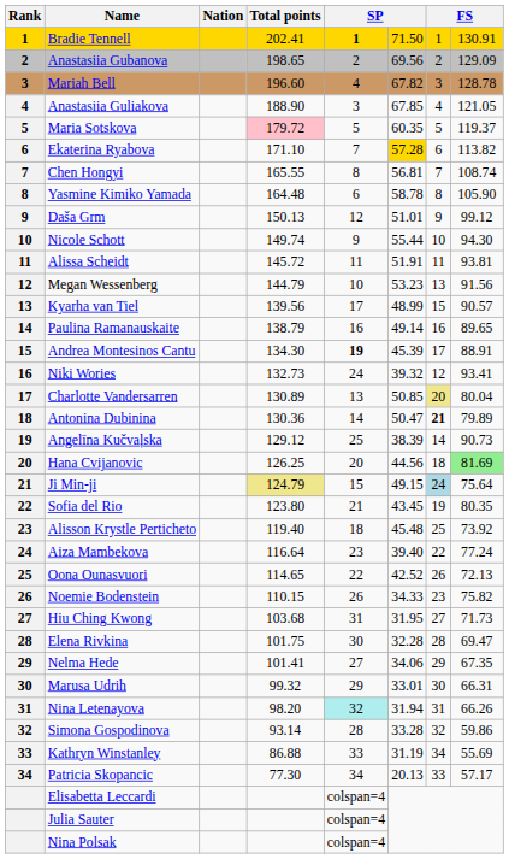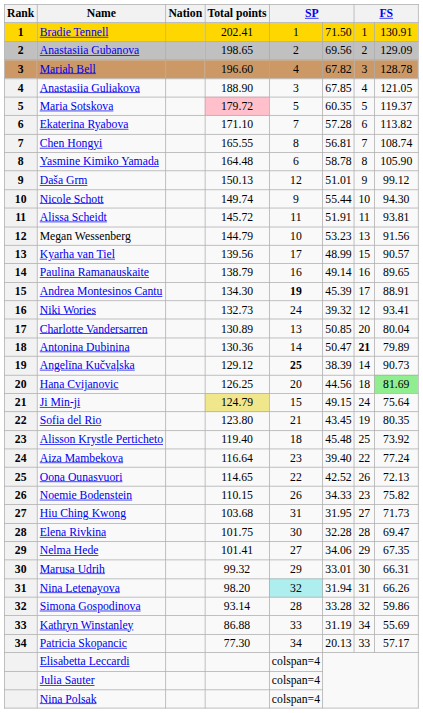 <table class="wikitable sortable">
 <tr>
 <th>Rank</th>
 <th>Name</th>
 <th>Nation</th>
 <th>Total points</th>
 <th colspan="2" width="80px"><a href='#'>SP</a></th>
 <th colspan="2" width="80px"><a href='#'>FS</a></th>
 </tr>
 <tr bgcolor="gold">
 <td align="center"><strong>1</strong></td>
 <td><a href='#'>Bradie Tennell</a></td>
 <td></td>
 <td align="center">202.41</td>
-<td align="center"><strong>1</strong></td>
+<td align="center">1</td>
 <td align="center">71.50</td>
 <td align="center">1</td>
 <td align="center">130.91</td>
 </tr>
 <tr bgcolor="silver">
 <td align="center"><strong>2</strong></td>
 <td><a href='#'>Anastasiia Gubanova</a></td>
 <td></td>
 <td align="center">198.65</td>
 <td align="center">2</td>
 <td align="center">69.56</td>
 <td align="center">2</td>
 <td align="center">129.09</td>
 </tr>
 <tr bgcolor="cc9966">
 <td align="center"><strong>3</strong></td>
 <td><a href='#'>Mariah Bell</a></td>
 <td></td>
 <td align="center">196.60</td>
 <td align="center">4</td>
 <td align="center">67.82</td>
 <td align="center">3</td>
 <td align="center">128.78</td>
 </tr>
 <tr>
 <th>4</th>
 <td><a href='#'>Anastasiia Guliakova</a></td>
 <td></td>
 <td align="center">188.90</td>
 <td align="center">3</td>
 <td align="center">67.85</td>
 <td align="center">4</td>
 <td align="center">121.05</td>
 </tr>
 <tr>
 <th>5</th>
 <td><a href='#'>Maria Sotskova</a></td>
 <td></td>
 <td align="center" style="background: pink;">179.72</td>
 <td align="center">5</td>
 <td align="center">60.35</td>
 <td align="center">5</td>
 <td align="center">119.37</td>
 </tr>
 <tr>
 <th>6</th>
 <td><a href='#'>Ekaterina Ryabova</a></td>
 <td></td>
 <td align="center">171.10</td>
 <td align="center">7</td>
-<td align="center" style="background: gold;">57.28</td>
+<td align="center">57.28</td>
 <td align="center">6</td>
 <td align="center">113.82</td>
 </tr>
 <tr>
 <th>7</th>
 <td><a href='#'>Chen Hongyi</a></td>
 <td></td>
 <td align="center">165.55</td>
 <td align="center">8</td>
 <td align="center">56.81</td>
 <td align="center">7</td>
 <td align="center">108.74</td>
 </tr>
 <tr>
 <th>8</th>
 <td><a href='#'>Yasmine Kimiko Yamada</a></td>
 <td></td>
 <td align="center">164.48</td>
 <td align="center">6</td>
 <td align="center">58.78</td>
 <td align="center">8</td>
 <td align="center">105.90</td>
 </tr>
 <tr>
 <th>9</th>
 <td><a href='#'>Daša Grm</a></td>
 <td></td>
 <td align="center">150.13</td>
 <td align="center">12</td>
 <td align="center">51.01</td>
 <td align="center">9</td>
 <td align="center">99.12</td>
 </tr>
 <tr>
 <th>10</th>
 <td><a href='#'>Nicole Schott</a></td>
 <td></td>
 <td align="center">149.74</td>
 <td align="center">9</td>
 <td align="center">55.44</td>
 <td align="center">10</td>
 <td align="center">94.30</td>
 </tr>
 <tr>
 <th>11</th>
 <td><a href='#'>Alissa Scheidt</a></td>
 <td></td>
 <td align="center">145.72</td>
 <td align="center">11</td>
 <td align="center">51.91</td>
 <td align="center">11</td>
 <td align="center">93.81</td>
 </tr>
 <tr>
 <th>12</th>
 <td>Megan Wessenberg</td>
 <td></td>
 <td align="center">144.79</td>
 <td align="center">10</td>
 <td align="center">53.23</td>
 <td align="center">13</td>
 <td align="center">91.56</td>
 </tr>
 <tr>
 <th>13</th>
 <td><a href='#'>Kyarha van Tiel</a></td>
 <td></td>
 <td align="center">139.56</td>
 <td align="center">17</td>
 <td align="center">48.99</td>
 <td align="center">15</td>
 <td align="center">90.57</td>
 </tr>
 <tr>
 <th>14</th>
 <td><a href='#'>Paulina Ramanauskaite</a></td>
 <td></td>
 <td align="center">138.79</td>
 <td align="center">16</td>
 <td align="center">49.14</td>
 <td align="center">16</td>
 <td align="center">89.65</td>
 </tr>
 <tr>
 <th>15</th>
 <td><a href='#'>Andrea Montesinos Cantu</a></td>
 <td></td>
 <td align="center">134.30</td>
 <td align="center"><strong>19</strong></td>
 <td align="center">45.39</td>
 <td align="center">17</td>
 <td align="center">88.91</td>
 </tr>
 <tr>
 <th>16</th>
 <td><a href='#'>Niki Wories</a></td>
 <td></td>
 <td align="center">132.73</td>
 <td align="center">24</td>
 <td align="center">39.32</td>
 <td align="center">12</td>
 <td align="center">93.41</td>
 </tr>
 <tr>
 <th>17</th>
 <td><a href='#'>Charlotte Vandersarren</a></td>
 <td></td>
 <td align="center">130.89</td>
 <td align="center">13</td>
 <td align="center">50.85</td>
-<td align="center" style="background: khaki;">20</td>
+<td align="center">20</td>
 <td align="center">80.04</td>
 </tr>
 <tr>
 <th>18</th>
 <td><a href='#'>Antonina Dubinina</a></td>
 <td></td>
 <td align="center">130.36</td>
 <td align="center">14</td>
 <td align="center">50.47</td>
 <td align="center"><strong>21</strong></td>
 <td align="center">79.89</td>
 </tr>
 <tr>
 <th>19</th>
 <td><a href='#'>Angelīna Kučvaļska</a></td>
 <td></td>
 <td align="center">129.12</td>
-<td align="center">25</td>
+<td align="center"><strong>25</strong></td>
 <td align="center">38.39</td>
 <td align="center">14</td>
 <td align="center">90.73</td>
 </tr>
 <tr>
 <th>20</th>
 <td><a href='#'>Hana Cvijanovic</a></td>
 <td></td>
 <td align="center">126.25</td>
 <td align="center">20</td>
 <td align="center">44.56</td>
 <td align="center">18</td>
 <td align="center" style="background: lightgreen;">81.69</td>
 </tr>
 <tr>
 <th>21</th>
 <td><a href='#'>Ji Min-ji</a></td>
 <td></td>
 <td align="center" style="background: khaki;">124.79</td>
 <td align="center">15</td>
 <td align="center">49.15</td>
-<td align="center" style="background: lightblue;">24</td>
+<td align="center">24</td>
 <td align="center">75.64</td>
 </tr>
 <tr>
 <th>22</th>
 <td><a href='#'>Sofia del Rio</a></td>
 <td></td>
 <td align="center">123.80</td>
 <td align="center">21</td>
 <td align="center">43.45</td>
 <td align="center">19</td>
 <td align="center">80.35</td>
 </tr>
 <tr>
 <th>23</th>
 <td><a href='#'>Alisson Krystle Perticheto</a></td>
 <td></td>
 <td align="center">119.40</td>
 <td align="center">18</td>
 <td align="center">45.48</td>
 <td align="center">25</td>
 <td align="center">73.92</td>
 </tr>
 <tr>
 <th>24</th>
 <td><a href='#'>Aiza Mambekova</a></td>
 <td></td>
 <td align="center">116.64</td>
 <td align="center">23</td>
 <td align="center">39.40</td>
 <td align="center">22</td>
 <td align="center">77.24</td>
 </tr>
 <tr>
 <th>25</th>
 <td><a href='#'>Oona Ounasvuori</a></td>
 <td></td>
 <td align="center">114.65</td>
 <td align="center">22</td>
 <td align="center">42.52</td>
 <td align="center">26</td>
 <td align="center">72.13</td>
 </tr>
 <tr>
 <th>26</th>
 <td><a href='#'>Noemie Bodenstein</a></td>
 <td></td>
 <td align="center">110.15</td>
 <td align="center">26</td>
 <td align="center">34.33</td>
 <td align="center">23</td>
 <td align="center">75.82</td>
 </tr>
 <tr>
 <th>27</th>
 <td><a href='#'>Hiu Ching Kwong</a></td>
 <td></td>
 <td align="center">103.68</td>
 <td align="center">31</td>
 <td align="center">31.95</td>
 <td align="center">27</td>
 <td align="center">71.73</td>
 </tr>
 <tr>
 <th>28</th>
 <td><a href='#'>Elena Rivkina</a></td>
 <td></td>
 <td align="center">101.75</td>
 <td align="center">30</td>
 <td align="center">32.28</td>
 <td align="center">28</td>
 <td align="center">69.47</td>
 </tr>
 <tr>
 <th>29</th>
 <td><a href='#'>Nelma Hede</a></td>
 <td></td>
 <td align="center">101.41</td>
 <td align="center">27</td>
 <td align="center">34.06</td>
 <td align="center">29</td>
 <td align="center">67.35</td>
 </tr>
 <tr>
 <th>30</th>
 <td><a href='#'>Marusa Udrih</a></td>
 <td></td>
 <td align="center">99.32</td>
 <td align="center">29</td>
 <td align="center">33.01</td>
 <td align="center">30</td>
 <td align="center">66.31</td>
 </tr>
 <tr>
 <th>31</th>
 <td><a href='#'>Nina Letenayova</a></td>
 <td></td>
 <td align="center">98.20</td>
 <td align="center" style="background: paleturquoise;">32</td>
 <td align="center">31.94</td>
 <td align="center">31</td>
 <td align="center">66.26</td>
 </tr>
 <tr>
 <th>32</th>
 <td><a href='#'>Simona Gospodinova</a></td>
 <td></td>
 <td align="center">93.14</td>
 <td align="center">28</td>
 <td align="center">33.28</td>
 <td align="center">32</td>
 <td align="center">59.86</td>
 </tr>
 <tr>
 <th>33</th>
 <td><a href='#'>Kathryn Winstanley</a></td>
 <td></td>
 <td align="center">86.88</td>
 <td align="center">33</td>
 <td align="center">31.19</td>
 <td align="center">34</td>
 <td align="center">55.69</td>
 </tr>
 <tr>
 <th>34</th>
 <td><a href='#'>Patricia Skopancic</a></td>
 <td></td>
 <td align="center">77.30</td>
 <td align="center">34</td>
 <td align="center">20.13</td>
 <td align="center">33</td>
 <td align="center">57.17</td>
 </tr>
 <tr>
 <th></th>
 <td><a href='#'>Elisabetta Leccardi</a></td>
 <td></td>
 <td></td>
 <td>colspan=4 </td>
 </tr>
 <tr>
 <th></th>
 <td><a href='#'>Julia Sauter</a></td>
 <td></td>
 <td></td>
 <td>colspan=4 </td>
 </tr>
 <tr>
 <th></th>
 <td><a href='#'>Nina Polsak</a></td>
 <td></td>
 <td></td>
 <td>colspan=4 </td>
 </tr>
 </table>
